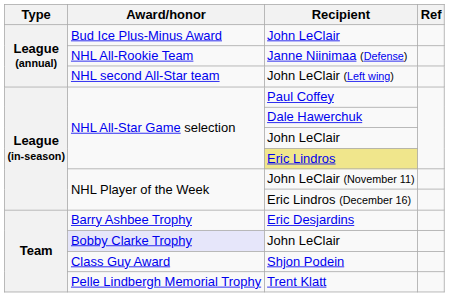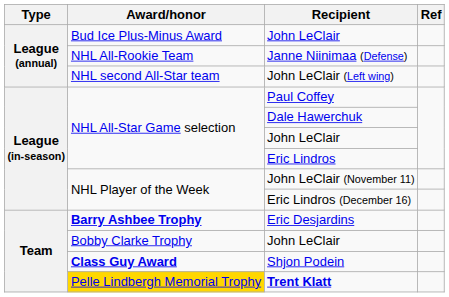 <table class="wikitable">
 <tr>
 <th scope="col">Type</th>
 <th scope="col">Award/honor</th>
 <th scope="col">Recipient</th>
 <th scope="col">Ref</th>
 </tr>
 <tr>
 <th scope="row" rowspan="3">League<br><small>(annual)</small></th>
 <td><a href='#'>Bud Ice Plus-Minus Award</a></td>
 <td><a href='#'>John LeClair</a></td>
 <td></td>
 </tr>
 <tr>
 <td><a href='#'>NHL All-Rookie Team</a></td>
 <td><a href='#'>Janne Niinimaa</a> <small>(<a href='#'>Defense</a>)</small></td>
 <td></td>
 </tr>
 <tr>
 <td><a href='#'>NHL second All-Star team</a></td>
 <td>John LeClair <small>(<a href='#'>Left wing</a>)</small></td>
 <td></td>
 </tr>
 <tr>
 <th scope="row" rowspan="6">League<br><small>(in-season)</small></th>
 <td rowspan="4"><a href='#'>NHL All-Star Game</a> selection</td>
 <td><a href='#'>Paul Coffey</a></td>
 <td rowspan="4"></td>
 </tr>
 <tr>
 <td><a href='#'>Dale Hawerchuk</a></td>
 </tr>
 <tr>
 <td>John LeClair</td>
 </tr>
 <tr>
-<td style="background: khaki;"><a href='#'>Eric Lindros</a></td>
+<td><a href='#'>Eric Lindros</a></td>
 </tr>
 <tr>
 <td rowspan="2">NHL Player of the Week</td>
 <td>John LeClair <small>(November 11)</small></td>
 <td></td>
 </tr>
 <tr>
 <td>Eric Lindros <small>(December 16)</small></td>
 <td></td>
 </tr>
 <tr>
 <th scope="row" rowspan="4">Team</th>
-<td><a href='#'>Barry Ashbee Trophy</a></td>
+<td><strong><a href='#'>Barry Ashbee Trophy</a></strong></td>
 <td><a href='#'>Eric Desjardins</a></td>
 <td></td>
 </tr>
 <tr>
-<td style="background: lavender;"><a href='#'>Bobby Clarke Trophy</a></td>
+<td><a href='#'>Bobby Clarke Trophy</a></td>
 <td>John LeClair</td>
 <td></td>
 </tr>
 <tr>
-<td><a href='#'>Class Guy Award</a></td>
+<td><strong><a href='#'>Class Guy Award</a></strong></td>
 <td><a href='#'>Shjon Podein</a></td>
 <td></td>
 </tr>
 <tr>
-<td><a href='#'>Pelle Lindbergh Memorial Trophy</a></td>
-<td><a href='#'>Trent Klatt</a></td>
+<td style="background: gold;"><a href='#'>Pelle Lindbergh Memorial Trophy</a></td>
+<td><strong><a href='#'>Trent Klatt</a></strong></td>
 <td></td>
 </tr>
 </table>
